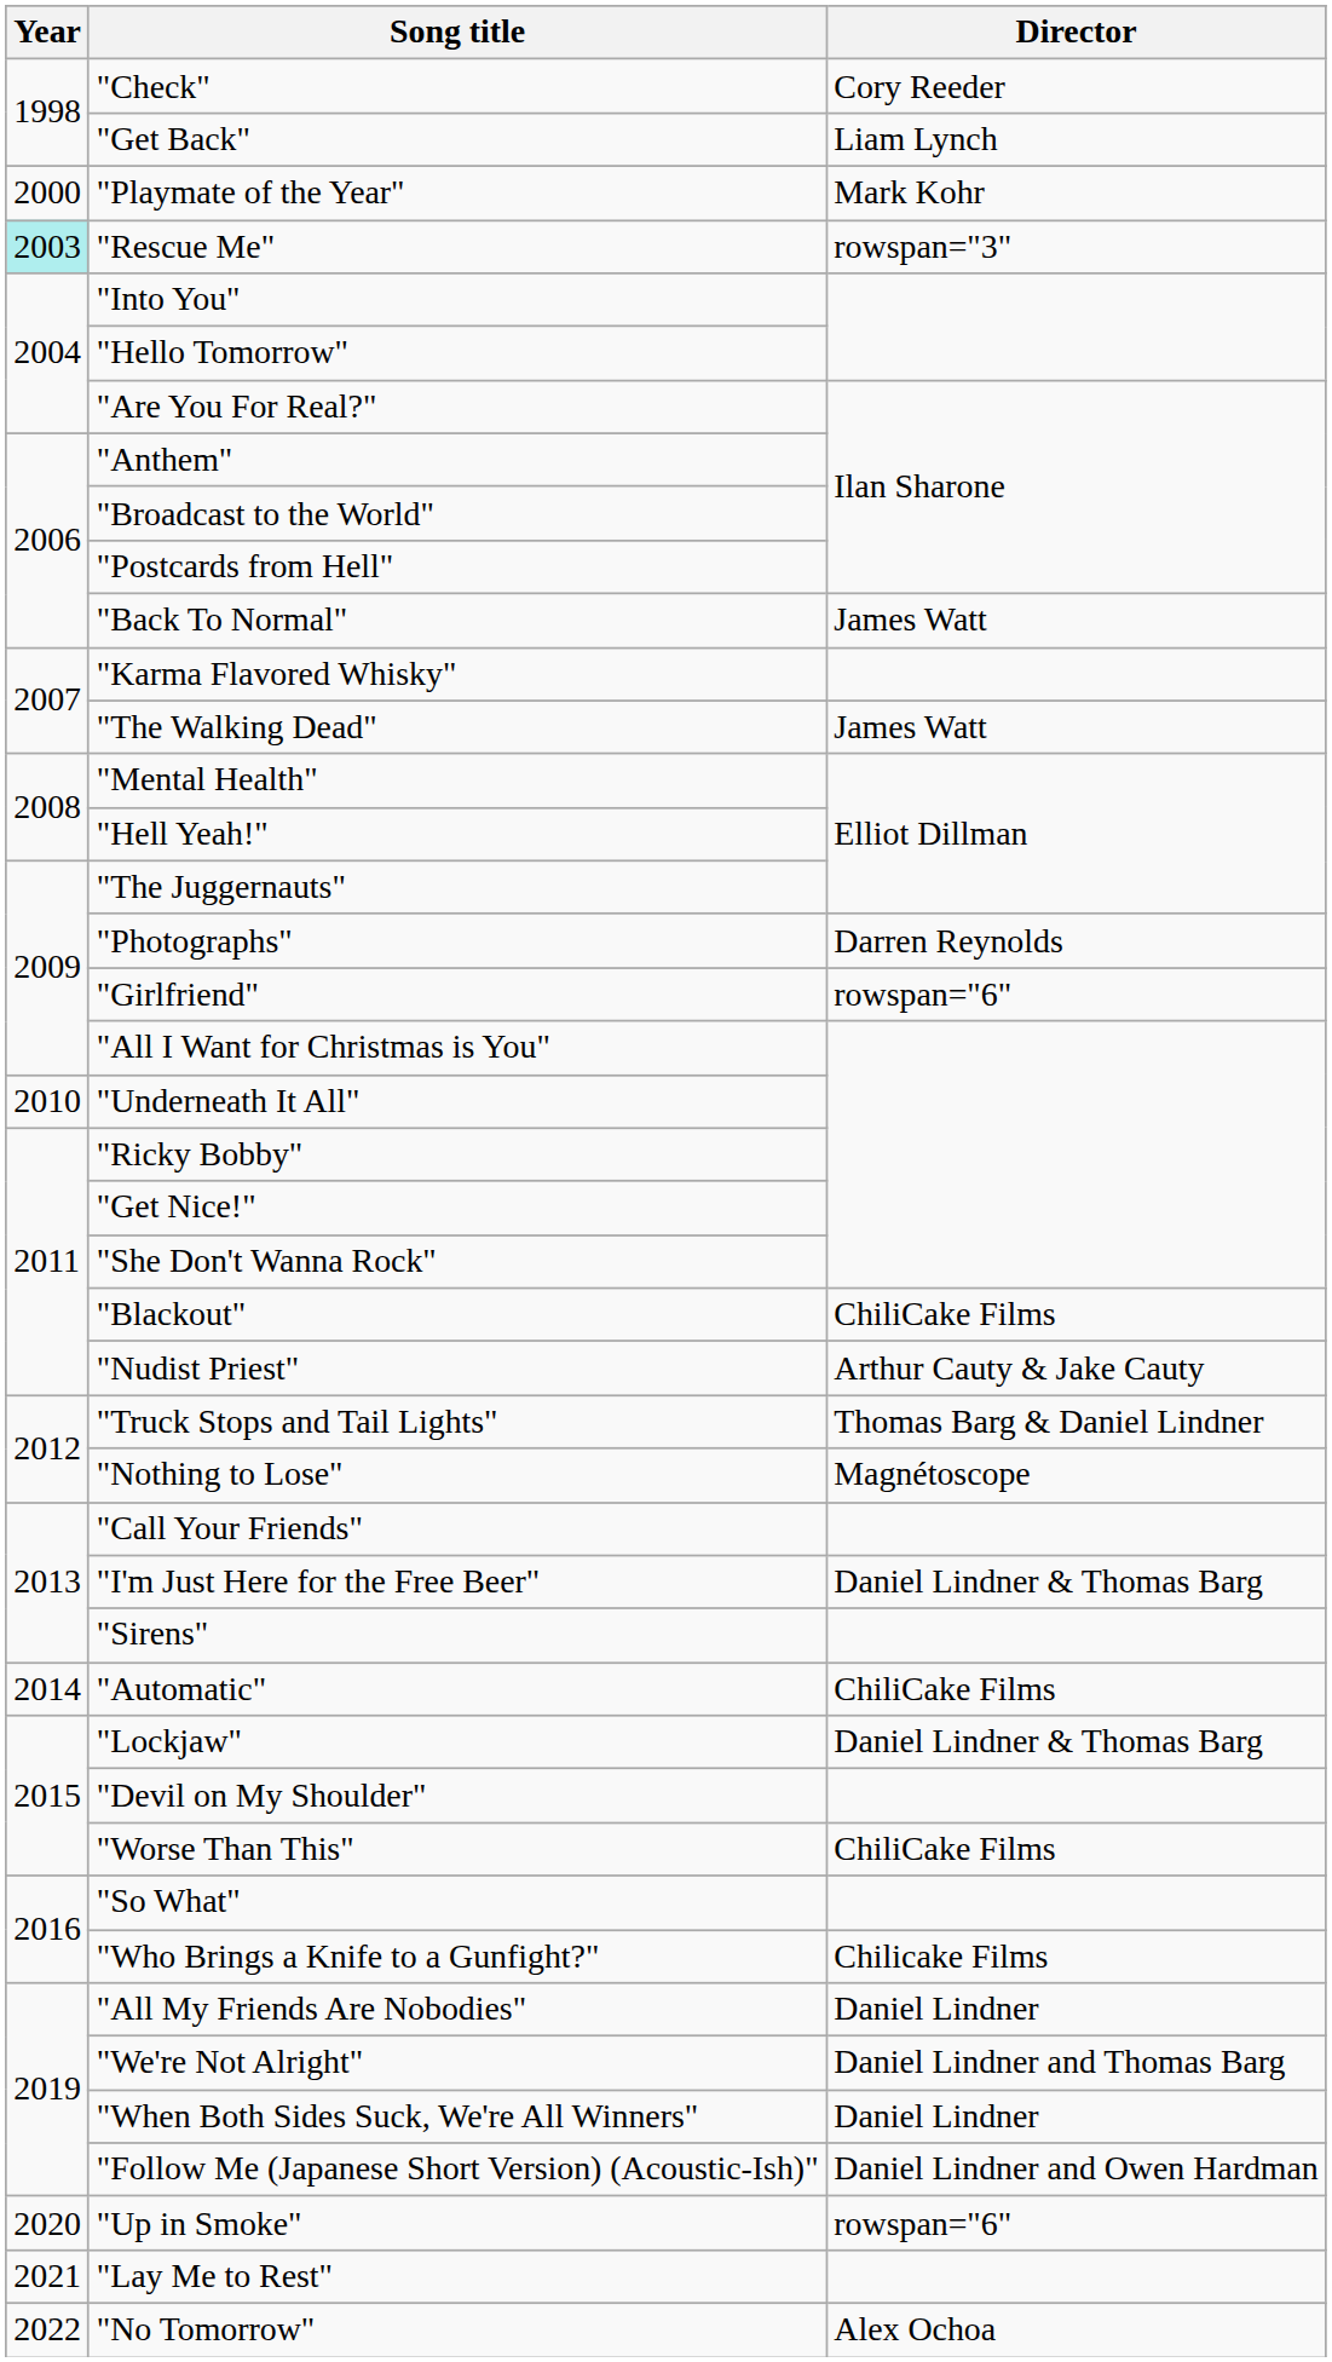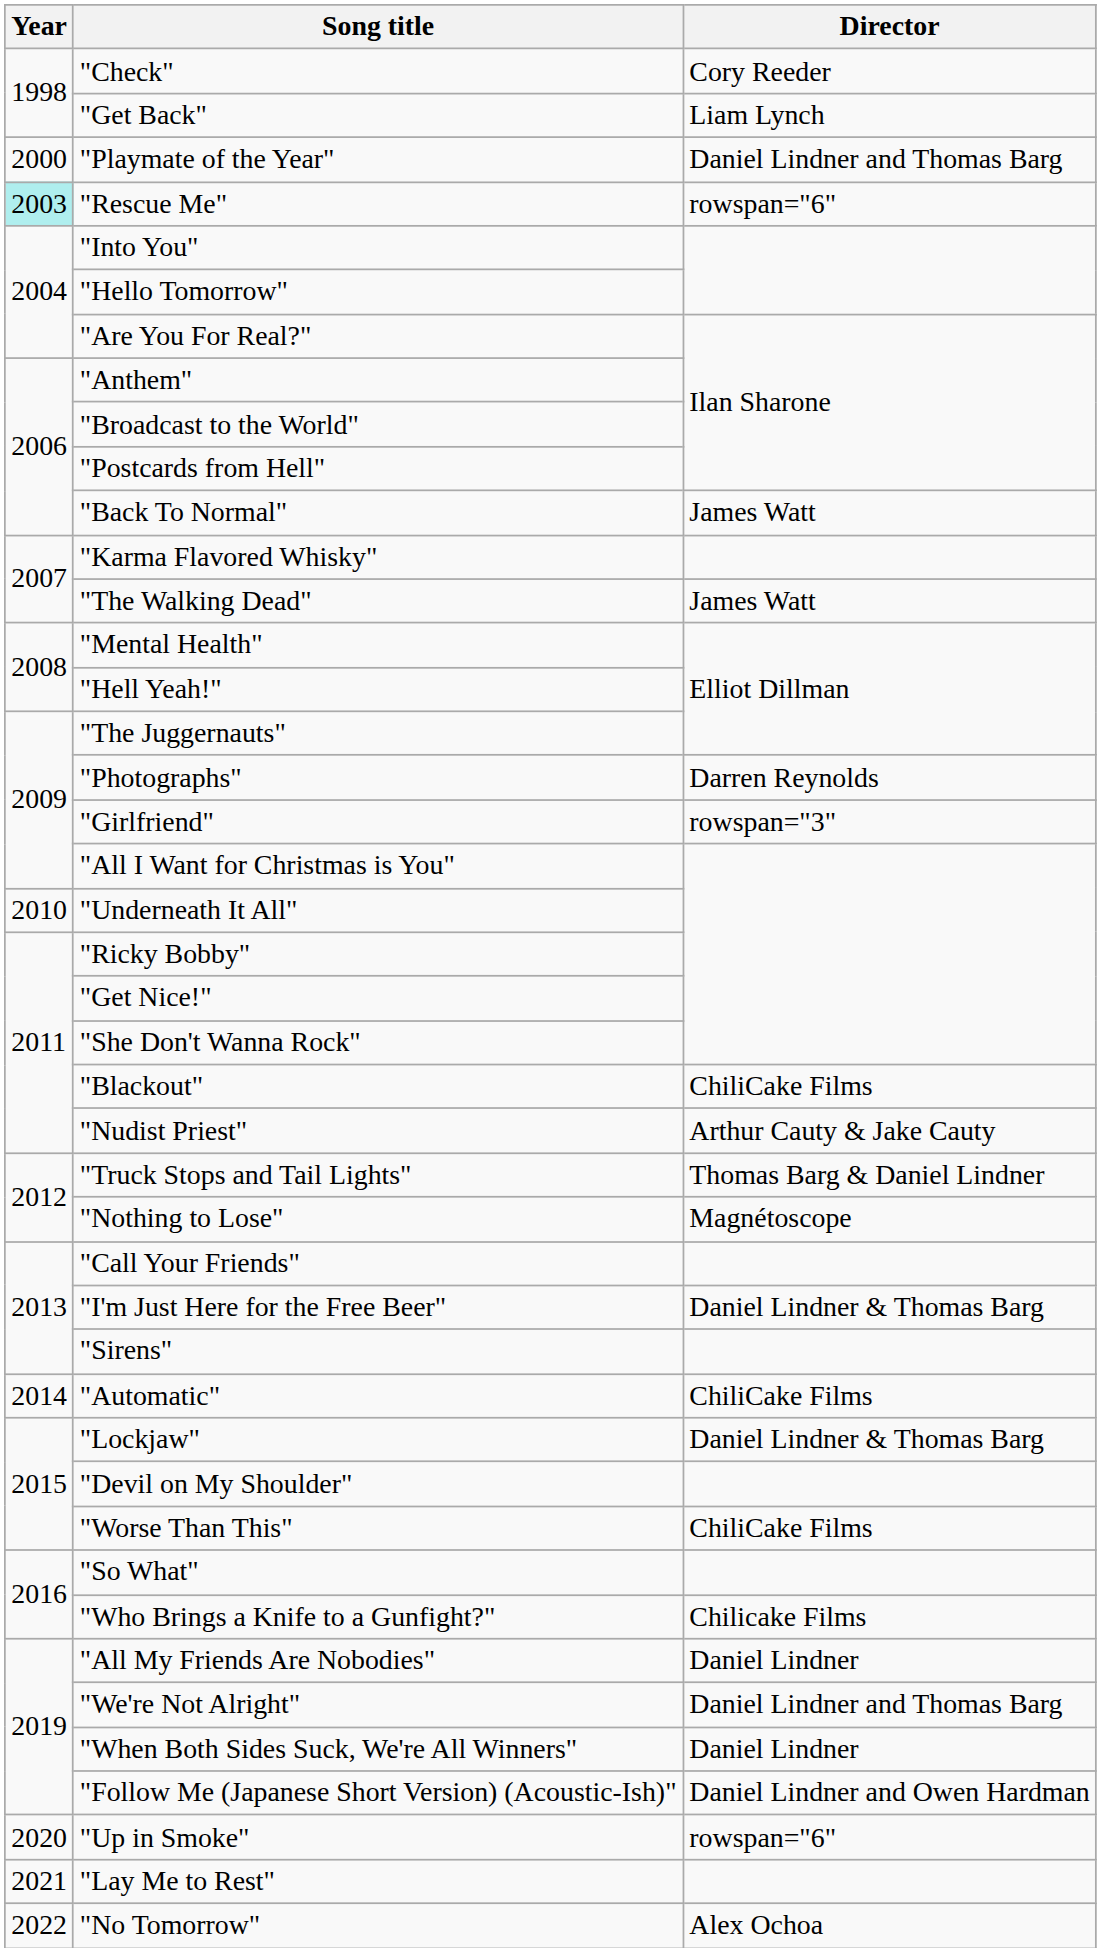 <table class="wikitable">
 <tr>
 <th>Year</th>
 <th>Song title</th>
 <th>Director</th>
 </tr>
 <tr>
 <td rowspan="2">1998</td>
 <td>"Check"</td>
 <td>Cory Reeder</td>
 </tr>
 <tr>
 <td>"Get Back"</td>
 <td>Liam Lynch</td>
 </tr>
 <tr>
 <td>2000</td>
 <td>"Playmate of the Year"</td>
-<td>Mark Kohr</td>
+<td>Daniel Lindner and Thomas Barg</td>
 </tr>
 <tr>
 <td style="background: paleturquoise;">2003</td>
 <td>"Rescue Me"</td>
-<td>rowspan="3" </td>
+<td>rowspan="6" </td>
 </tr>
 <tr>
 <td rowspan="3">2004</td>
 <td>"Into You"</td>
 </tr>
 <tr>
 <td>"Hello Tomorrow"</td>
 </tr>
 <tr>
 <td>"Are You For Real?"</td>
 <td rowspan="4">Ilan Sharone</td>
 </tr>
 <tr>
 <td rowspan="4">2006</td>
 <td>"Anthem"</td>
 </tr>
 <tr>
 <td>"Broadcast to the World"</td>
 </tr>
 <tr>
 <td>"Postcards from Hell"</td>
 </tr>
 <tr>
 <td>"Back To Normal"</td>
 <td>James Watt</td>
 </tr>
 <tr>
 <td rowspan="2">2007</td>
 <td>"Karma Flavored Whisky"</td>
 <td></td>
 </tr>
 <tr>
 <td>"The Walking Dead"</td>
 <td>James Watt</td>
 </tr>
 <tr>
 <td rowspan="2">2008</td>
 <td>"Mental Health"</td>
 <td rowspan="3">Elliot Dillman</td>
 </tr>
 <tr>
 <td>"Hell Yeah!"</td>
 </tr>
 <tr>
 <td rowspan="4">2009</td>
 <td>"The Juggernauts"</td>
 </tr>
 <tr>
 <td>"Photographs"</td>
 <td>Darren Reynolds</td>
 </tr>
 <tr>
 <td>"Girlfriend"</td>
-<td>rowspan="6" </td>
+<td>rowspan="3" </td>
 </tr>
 <tr>
 <td>"All I Want for Christmas is You"</td>
 </tr>
 <tr>
 <td>2010</td>
 <td>"Underneath It All"</td>
 </tr>
 <tr>
 <td rowspan="5">2011</td>
 <td>"Ricky Bobby"</td>
 </tr>
 <tr>
 <td>"Get Nice!"</td>
 </tr>
 <tr>
 <td>"She Don't Wanna Rock"</td>
 </tr>
 <tr>
 <td>"Blackout"</td>
 <td>ChiliCake Films</td>
 </tr>
 <tr>
 <td>"Nudist Priest"</td>
 <td>Arthur Cauty & Jake Cauty</td>
 </tr>
 <tr>
 <td rowspan="2">2012</td>
 <td>"Truck Stops and Tail Lights"</td>
 <td>Thomas Barg & Daniel Lindner</td>
 </tr>
 <tr>
 <td>"Nothing to Lose"</td>
 <td>Magnétoscope</td>
 </tr>
 <tr>
 <td rowspan="3">2013</td>
 <td>"Call Your Friends"</td>
 <td></td>
 </tr>
 <tr>
 <td>"I'm Just Here for the Free Beer"</td>
 <td>Daniel Lindner & Thomas Barg</td>
 </tr>
 <tr>
 <td>"Sirens"</td>
 <td></td>
 </tr>
 <tr>
 <td>2014</td>
 <td>"Automatic"</td>
 <td>ChiliCake Films</td>
 </tr>
 <tr>
 <td rowspan="3">2015</td>
 <td>"Lockjaw"</td>
 <td>Daniel Lindner & Thomas Barg</td>
 </tr>
 <tr>
 <td>"Devil on My Shoulder"</td>
 <td></td>
 </tr>
 <tr>
 <td>"Worse Than This"</td>
 <td>ChiliCake Films</td>
 </tr>
 <tr>
 <td rowspan="2">2016</td>
 <td>"So What"</td>
 <td></td>
 </tr>
 <tr>
 <td>"Who Brings a Knife to a Gunfight?"</td>
 <td>Chilicake Films</td>
 </tr>
 <tr>
 <td rowspan="4">2019</td>
 <td>"All My Friends Are Nobodies"</td>
 <td>Daniel Lindner</td>
 </tr>
 <tr>
 <td>"We're Not Alright"</td>
 <td>Daniel Lindner and Thomas Barg</td>
 </tr>
 <tr>
 <td>"When Both Sides Suck, We're All Winners"</td>
 <td>Daniel Lindner</td>
 </tr>
 <tr>
 <td>"Follow Me (Japanese Short Version) (Acoustic-Ish)"</td>
 <td>Daniel Lindner and Owen Hardman</td>
 </tr>
 <tr>
 <td>2020</td>
 <td>"Up in Smoke"</td>
 <td>rowspan="6" </td>
 </tr>
 <tr>
 <td>2021</td>
 <td>"Lay Me to Rest"</td>
 </tr>
 <tr>
 <td>2022</td>
 <td>"No Tomorrow"</td>
 <td>Alex Ochoa</td>
 </tr>
 </table>
